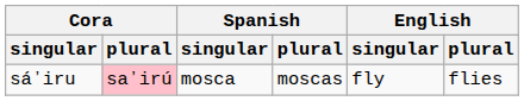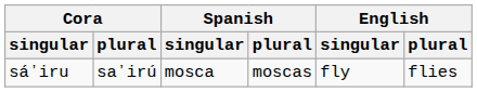 <table class="wikitable">
 <tr>
 <th colspan="2">Cora</th>
 <th colspan="2">Spanish</th>
 <th colspan="2">English</th>
 </tr>
 <tr>
 <th>singular</th>
 <th>plural</th>
 <th>singular</th>
 <th>plural</th>
 <th>singular</th>
 <th>plural</th>
 </tr>
 <tr>
 <td>sáʼiru</td>
-<td style="background: pink;">saʼirú</td>
+<td>saʼirú</td>
 <td>mosca</td>
 <td>moscas</td>
 <td>fly</td>
 <td>flies</td>
 </tr>
 </table>
